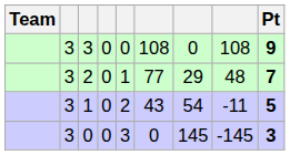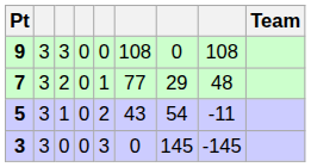 <table class="wikitable" style="text-align: center;">
 <tr>
-<th>Team</th>
+<th>Pt</th>
 <th></th>
 <th></th>
 <th></th>
 <th></th>
 <th></th>
 <th></th>
 <th></th>
-<th>Pt</th>
+<th>Team</th>
 </tr>
 <tr bgcolor="ccffcc">
-<td align="left"></td>
+<td><strong>9</strong></td>
 <td>3</td>
 <td>3</td>
 <td>0</td>
 <td>0</td>
 <td>108</td>
 <td>0</td>
 <td>108</td>
-<td><strong>9</strong></td>
+<td align="left"></td>
 </tr>
 <tr bgcolor="ccffcc">
-<td align="left"></td>
+<td><strong>7</strong></td>
 <td>3</td>
 <td>2</td>
 <td>0</td>
 <td>1</td>
 <td>77</td>
 <td>29</td>
 <td>48</td>
-<td><strong>7</strong></td>
+<td align="left"></td>
 </tr>
 <tr bgcolor="ccccff">
-<td align="left"></td>
+<td><strong>5</strong></td>
 <td>3</td>
 <td>1</td>
 <td>0</td>
 <td>2</td>
 <td>43</td>
 <td>54</td>
 <td>-11</td>
-<td><strong>5</strong></td>
+<td align="left"></td>
 </tr>
 <tr bgcolor="ccccff">
-<td align="left"></td>
+<td><strong>3</strong></td>
 <td>3</td>
 <td>0</td>
 <td>0</td>
 <td>3</td>
 <td>0</td>
 <td>145</td>
 <td>-145</td>
-<td><strong>3</strong></td>
+<td align="left"></td>
 </tr>
 </table>
